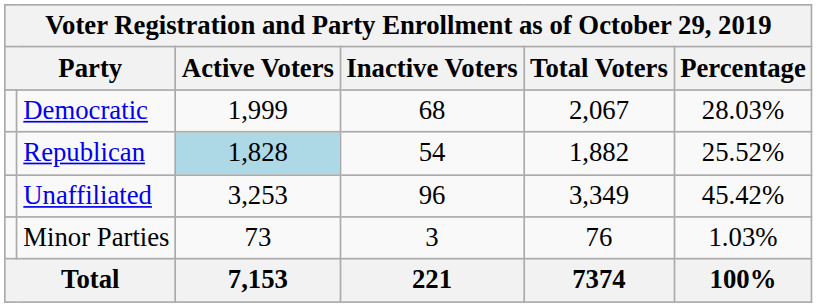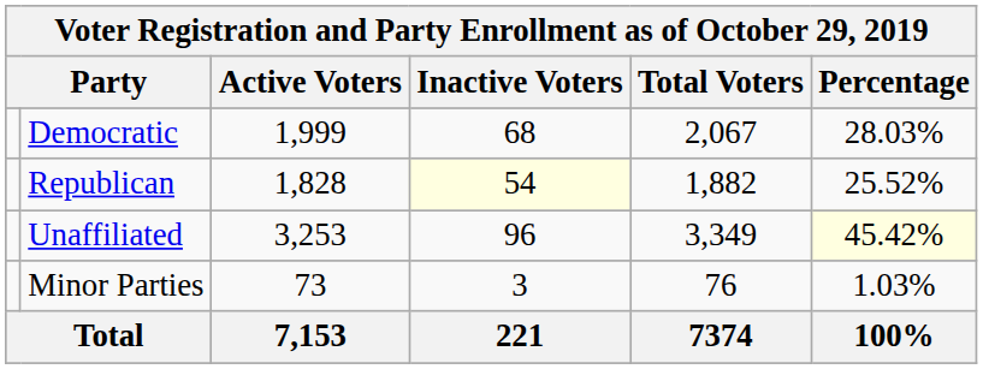 <table class=wikitable>
 <tr>
 <th colspan = 6>Voter Registration and Party Enrollment as of October 29, 2019</th>
 </tr>
 <tr>
 <th colspan = 2>Party</th>
 <th>Active Voters</th>
 <th>Inactive Voters</th>
 <th>Total Voters</th>
 <th>Percentage</th>
 </tr>
 <tr>
 <td></td>
 <td><a href='#'>Democratic</a></td>
 <td align = center>1,999</td>
 <td align = center>68</td>
 <td align = center>2,067</td>
 <td align = center>28.03%</td>
 </tr>
 <tr>
 <td></td>
 <td><a href='#'>Republican</a></td>
-<td align = center style="background: lightblue;">1,828</td>
-<td align = center>54</td>
+<td align = center>1,828</td>
+<td align = center style="background: lightyellow;">54</td>
 <td align = center>1,882</td>
 <td align = center>25.52%</td>
 </tr>
 <tr>
 <td></td>
 <td><a href='#'>Unaffiliated</a></td>
 <td align = center>3,253</td>
 <td align = center>96</td>
 <td align = center>3,349</td>
-<td align = center>45.42%</td>
+<td align = center style="background: lightyellow;">45.42%</td>
 </tr>
 <tr>
 <td></td>
 <td>Minor Parties</td>
 <td align = center>73</td>
 <td align = center>3</td>
 <td align = center>76</td>
 <td align = center>1.03%</td>
 </tr>
 <tr>
 <th colspan = 2>Total</th>
 <th align = center>7,153</th>
 <th align = center>221</th>
 <th align = center>7374</th>
 <th align = center>100%</th>
 </tr>
 </table>
